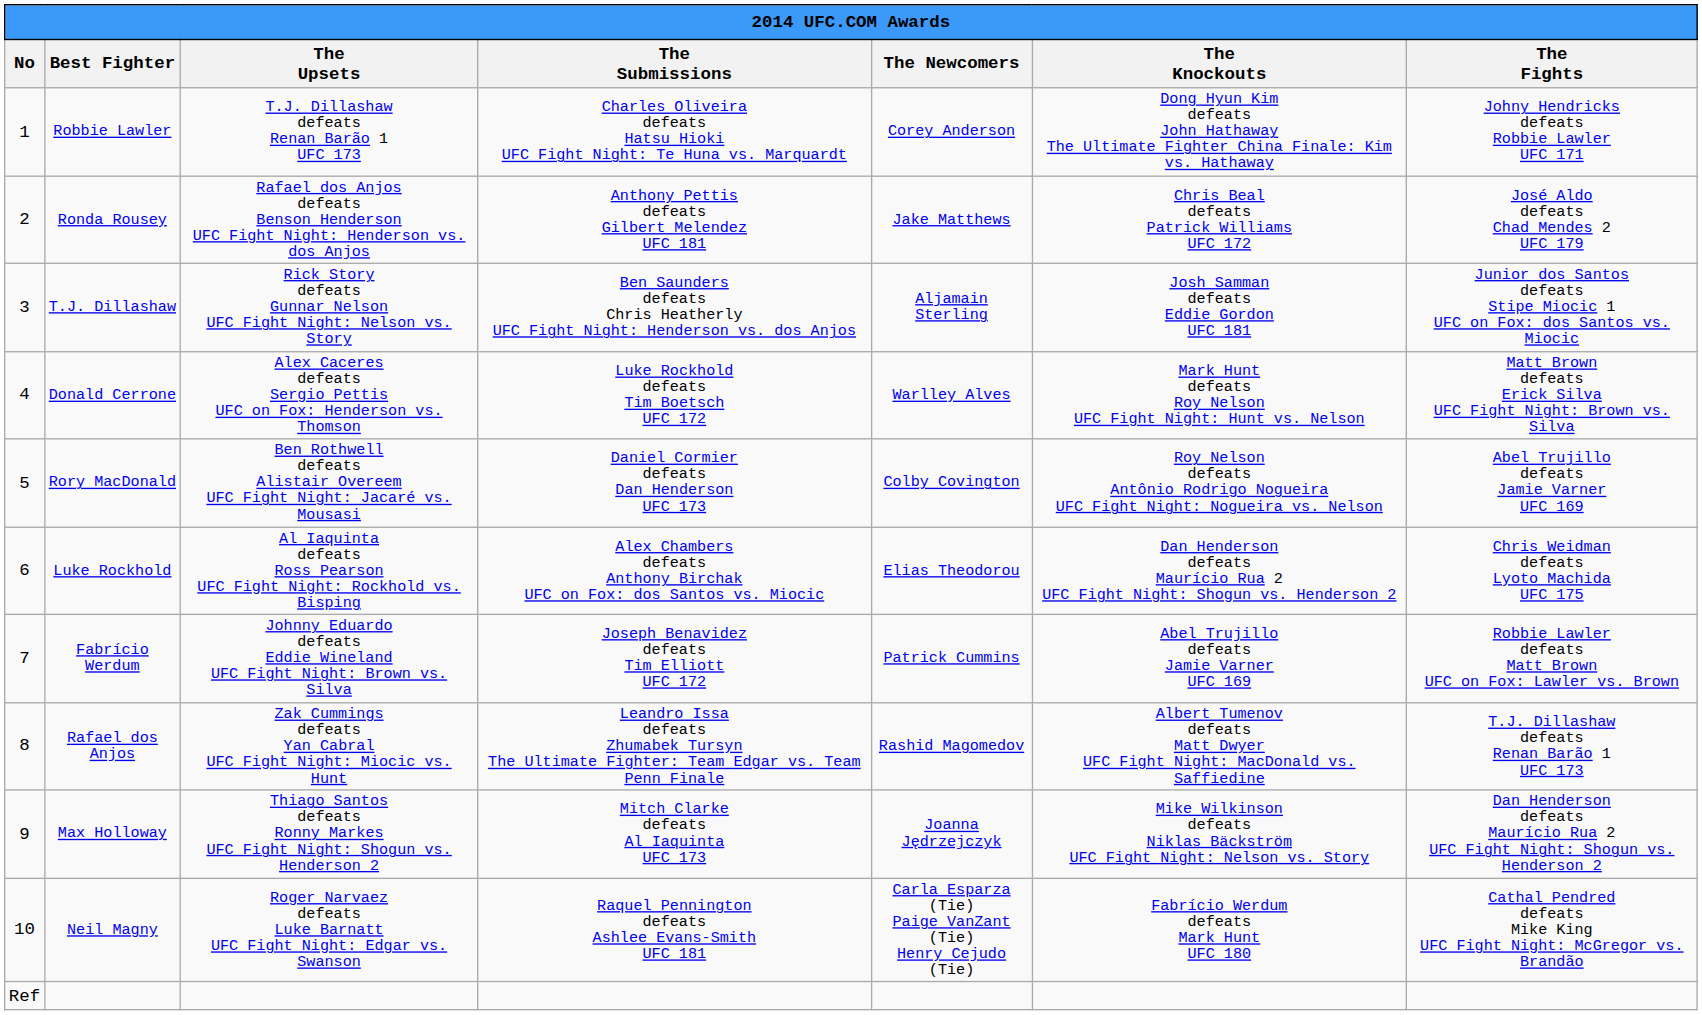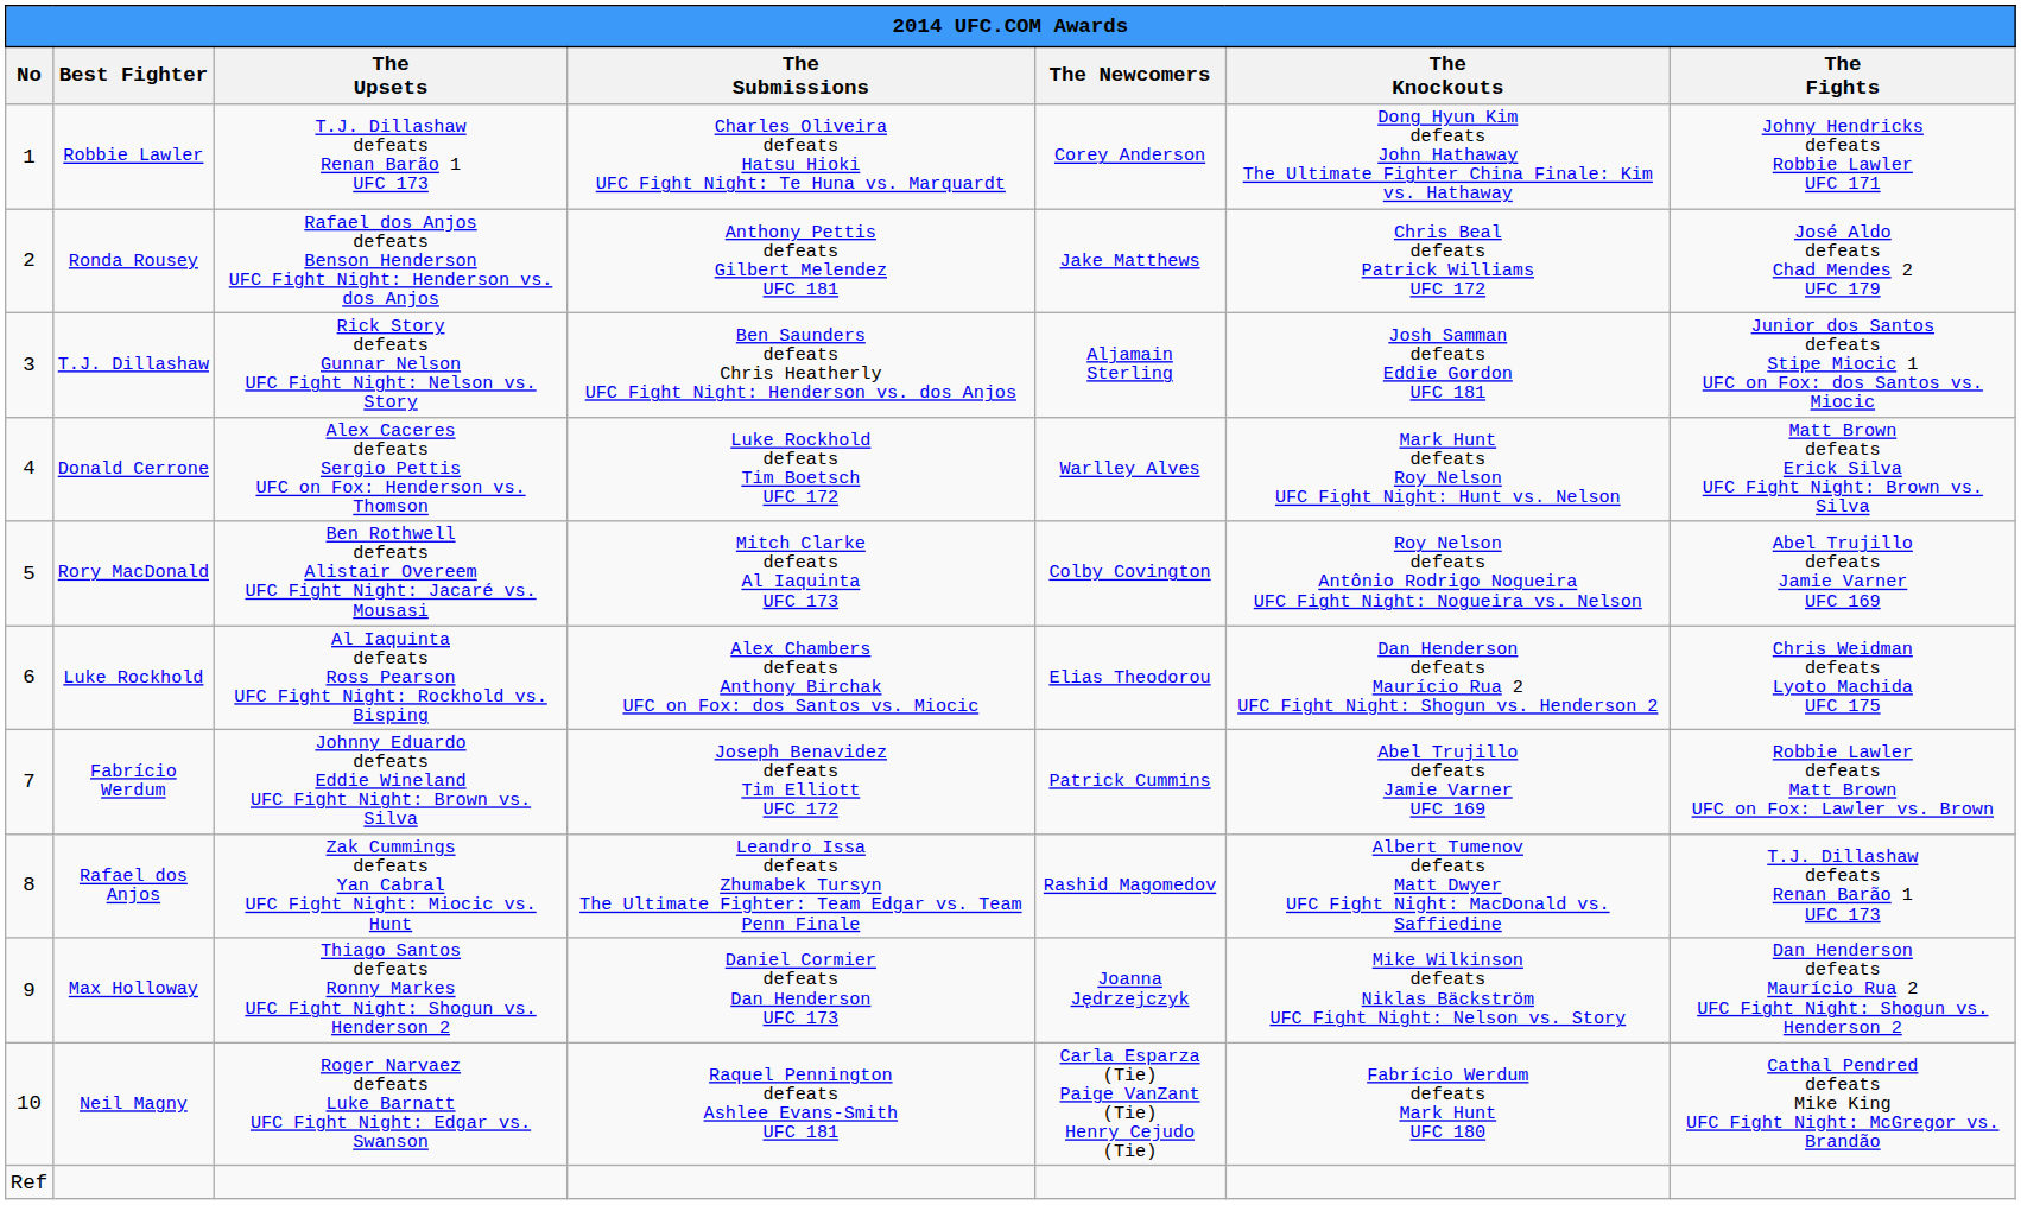 <table class="wikitable" width="100%" style="text-align:Center">
 <tr>
 <th colspan="7" style="border: 1px solid black; padding: 5px; background: #3B99FA;">2014 UFC.COM Awards</th>
 </tr>
 <tr>
 <th>No</th>
 <th>Best Fighter</th>
 <th>The<br>Upsets</th>
 <th>The<br>Submissions</th>
 <th>The Newcomers</th>
 <th>The<br>Knockouts</th>
 <th>The<br>Fights</th>
 </tr>
 <tr>
 <td>1</td>
 <td style="font-size:87%"><a href='#'>Robbie Lawler</a></td>
 <td style="font-size:87%"><a href='#'>T.J. Dillashaw</a> <br> defeats <br> <a href='#'>Renan Barão</a> 1 <br> <a href='#'>UFC 173</a></td>
 <td style="font-size:87%"><a href='#'>Charles Oliveira</a> <br> defeats <br> <a href='#'>Hatsu Hioki</a> <br> <a href='#'>UFC Fight Night: Te Huna vs. Marquardt</a></td>
 <td style="font-size:87%"><a href='#'>Corey Anderson</a></td>
 <td style="font-size:87%"><a href='#'>Dong Hyun Kim</a> <br> defeats <br> <a href='#'>John Hathaway</a> <br> <a href='#'>The Ultimate Fighter China Finale: Kim vs. Hathaway</a></td>
 <td style="font-size:87%"><a href='#'>Johny Hendricks</a> <br> defeats <br> <a href='#'>Robbie Lawler</a> <br> <a href='#'>UFC 171</a></td>
 </tr>
 <tr>
 <td>2</td>
 <td style="font-size:87%"><a href='#'>Ronda Rousey</a></td>
 <td style="font-size:87%"><a href='#'>Rafael dos Anjos</a> <br> defeats <br> <a href='#'>Benson Henderson</a> <br> <a href='#'>UFC Fight Night: Henderson vs. dos Anjos</a></td>
 <td style="font-size:87%"><a href='#'>Anthony Pettis</a> <br> defeats  <br> <a href='#'>Gilbert Melendez</a> <br> <a href='#'>UFC 181</a></td>
 <td style="font-size:87%"><a href='#'>Jake Matthews</a></td>
 <td style="font-size:87%"><a href='#'>Chris Beal</a> <br> defeats <br> <a href='#'>Patrick Williams</a> <br> <a href='#'>UFC 172</a></td>
 <td style="font-size:87%"><a href='#'>José Aldo</a> <br> defeats <br> <a href='#'>Chad Mendes</a> 2 <br> <a href='#'>UFC 179</a></td>
 </tr>
 <tr>
 <td>3</td>
 <td style="font-size:87%"><a href='#'>T.J. Dillashaw</a></td>
 <td style="font-size:87%"><a href='#'>Rick Story</a> <br> defeats  <br> <a href='#'>Gunnar Nelson</a> <br> <a href='#'>UFC Fight Night: Nelson vs. Story</a></td>
 <td style="font-size:87%"><a href='#'>Ben Saunders</a> <br> defeats  <br> Chris Heatherly <br> <a href='#'>UFC Fight Night: Henderson vs. dos Anjos</a></td>
 <td style="font-size:87%"><a href='#'>Aljamain Sterling</a></td>
 <td style="font-size:87%"><a href='#'>Josh Samman</a> <br> defeats <br> <a href='#'>Eddie Gordon</a> <br> <a href='#'>UFC 181</a></td>
 <td style="font-size:87%"><a href='#'>Junior dos Santos</a> <br> defeats <br> <a href='#'>Stipe Miocic</a> 1<br> <a href='#'>UFC on Fox: dos Santos vs. Miocic</a></td>
 </tr>
 <tr>
 <td>4</td>
 <td style="font-size:87%"><a href='#'>Donald Cerrone</a></td>
 <td style="font-size:87%"><a href='#'>Alex Caceres</a> <br> defeats <br> <a href='#'>Sergio Pettis</a> <br> <a href='#'>UFC on Fox: Henderson vs. Thomson</a></td>
 <td style="font-size:87%"><a href='#'>Luke Rockhold</a> <br> defeats <br> <a href='#'>Tim Boetsch</a> <br> <a href='#'>UFC 172</a></td>
 <td style="font-size:87%"><a href='#'>Warlley Alves</a></td>
 <td style="font-size:87%"><a href='#'>Mark Hunt</a> <br> defeats <br> <a href='#'>Roy Nelson</a> <br> <a href='#'>UFC Fight Night: Hunt vs. Nelson</a></td>
 <td style="font-size:87%"><a href='#'>Matt Brown</a> <br> defeats <br> <a href='#'>Erick Silva</a> <br> <a href='#'>UFC Fight Night: Brown vs. Silva</a></td>
 </tr>
 <tr>
 <td>5</td>
 <td style="font-size:87%"><a href='#'>Rory MacDonald</a></td>
 <td style="font-size:87%"><a href='#'>Ben Rothwell</a> <br> defeats <br> <a href='#'>Alistair Overeem</a> <br> <a href='#'>UFC Fight Night: Jacaré vs. Mousasi</a></td>
-<td style="font-size:87%"><a href='#'>Daniel Cormier</a> <br> defeats <br> <a href='#'>Dan Henderson</a> <br> <a href='#'>UFC 173</a></td>
+<td style="font-size:87%"><a href='#'>Mitch Clarke</a> <br> defeats <br> <a href='#'>Al Iaquinta</a> <br> <a href='#'>UFC 173</a></td>
 <td style="font-size:87%"><a href='#'>Colby Covington</a></td>
 <td style="font-size:87%"><a href='#'>Roy Nelson</a> <br> defeats <br> <a href='#'>Antônio Rodrigo Nogueira</a> <br> <a href='#'>UFC Fight Night: Nogueira vs. Nelson</a></td>
 <td style="font-size:87%"><a href='#'>Abel Trujillo</a> <br> defeats <br> <a href='#'>Jamie Varner</a> <br> <a href='#'>UFC 169</a></td>
 </tr>
 <tr>
 <td>6</td>
 <td style="font-size:87%"><a href='#'>Luke Rockhold</a></td>
 <td style="font-size:87%"><a href='#'>Al Iaquinta</a> <br> defeats <br> <a href='#'>Ross Pearson</a> <br> <a href='#'>UFC Fight Night: Rockhold vs. Bisping</a></td>
 <td style="font-size:87%"><a href='#'>Alex Chambers</a> <br> defeats <br> <a href='#'>Anthony Birchak</a> <br> <a href='#'>UFC on Fox: dos Santos vs. Miocic</a></td>
 <td style="font-size:87%"><a href='#'>Elias Theodorou</a></td>
 <td style="font-size:87%"><a href='#'>Dan Henderson</a> <br> defeats <br> <a href='#'>Maurício Rua</a> 2 <br> <a href='#'>UFC Fight Night: Shogun vs. Henderson 2</a></td>
 <td style="font-size:87%"><a href='#'>Chris Weidman</a> <br> defeats <br> <a href='#'>Lyoto Machida</a> <br> <a href='#'>UFC 175</a></td>
 </tr>
 <tr>
 <td>7</td>
 <td style="font-size:87%"><a href='#'>Fabrício Werdum</a></td>
 <td style="font-size:87%"><a href='#'>Johnny Eduardo</a> <br> defeats <br> <a href='#'>Eddie Wineland</a> <br> <a href='#'>UFC Fight Night: Brown vs. Silva</a></td>
 <td style="font-size:87%"><a href='#'>Joseph Benavidez</a> <br> defeats <br> <a href='#'>Tim Elliott</a> <br> <a href='#'>UFC 172</a></td>
 <td style="font-size:87%"><a href='#'>Patrick Cummins</a></td>
 <td style="font-size:87%"><a href='#'>Abel Trujillo</a><br> defeats <br> <a href='#'>Jamie Varner</a> <br> <a href='#'>UFC 169</a></td>
 <td style="font-size:87%"><a href='#'>Robbie Lawler</a> <br> defeats <br> <a href='#'>Matt Brown</a> <br> <a href='#'>UFC on Fox: Lawler vs. Brown</a></td>
 </tr>
 <tr>
 <td>8</td>
 <td style="font-size:87%"><a href='#'>Rafael dos Anjos</a></td>
 <td style="font-size:87%"><a href='#'>Zak Cummings</a> <br> defeats <br> <a href='#'>Yan Cabral</a> <br> <a href='#'>UFC Fight Night: Miocic vs. Hunt</a></td>
 <td style="font-size:87%"><a href='#'>Leandro Issa</a> <br> defeats <br> <a href='#'>Zhumabek Tursyn</a> <br> <a href='#'>The Ultimate Fighter: Team Edgar vs. Team Penn Finale</a></td>
 <td style="font-size:87%"><a href='#'>Rashid Magomedov</a></td>
 <td style="font-size:87%"><a href='#'>Albert Tumenov</a> <br> defeats <br> <a href='#'>Matt Dwyer</a><br> <a href='#'>UFC Fight Night: MacDonald vs. Saffiedine</a></td>
 <td style="font-size:87%"><a href='#'>T.J. Dillashaw</a> <br> defeats <br> <a href='#'>Renan Barão</a> 1 <br> <a href='#'>UFC 173</a></td>
 </tr>
 <tr>
 <td>9</td>
 <td style="font-size:87%"><a href='#'>Max Holloway</a></td>
 <td style="font-size:87%"><a href='#'>Thiago Santos</a> <br> defeats <br>  <a href='#'>Ronny Markes</a> <br> <a href='#'>UFC Fight Night: Shogun vs. Henderson 2</a></td>
-<td style="font-size:87%"><a href='#'>Mitch Clarke</a> <br> defeats <br> <a href='#'>Al Iaquinta</a> <br> <a href='#'>UFC 173</a></td>
+<td style="font-size:87%"><a href='#'>Daniel Cormier</a> <br> defeats <br> <a href='#'>Dan Henderson</a> <br> <a href='#'>UFC 173</a></td>
 <td style="font-size:87%"><a href='#'>Joanna Jędrzejczyk</a></td>
 <td style="font-size:87%"><a href='#'>Mike Wilkinson</a> <br> defeats <br> <a href='#'>Niklas Bäckström</a> <br> <a href='#'>UFC Fight Night: Nelson vs. Story</a></td>
 <td style="font-size:87%"><a href='#'>Dan Henderson</a> <br> defeats <br> <a href='#'>Maurício Rua</a> 2 <br> <a href='#'>UFC Fight Night: Shogun vs. Henderson 2</a></td>
 </tr>
 <tr>
 <td>10</td>
 <td style="font-size:87%"><a href='#'>Neil Magny</a></td>
 <td style="font-size:87%"><a href='#'>Roger Narvaez</a> <br> defeats <br> <a href='#'>Luke Barnatt</a> <br> <a href='#'>UFC Fight Night: Edgar vs. Swanson</a></td>
 <td style="font-size:87%"><a href='#'>Raquel Pennington</a> <br> defeats <br> <a href='#'>Ashlee Evans-Smith</a> <br> <a href='#'>UFC 181</a></td>
 <td style="font-size:87%"><a href='#'>Carla Esparza</a> (Tie) <br> <a href='#'>Paige VanZant</a> (Tie) <br> <a href='#'>Henry Cejudo</a> (Tie)</td>
 <td style="font-size:87%"><a href='#'>Fabrício Werdum</a> <br> defeats <br> <a href='#'>Mark Hunt</a> <br> <a href='#'>UFC 180</a></td>
 <td style="font-size:87%"><a href='#'>Cathal Pendred</a> <br> defeats <br> Mike King <br> <a href='#'>UFC Fight Night: McGregor vs. Brandão</a></td>
 </tr>
 <tr>
 <td>Ref</td>
 <td></td>
 <td></td>
 <td></td>
 <td></td>
 <td></td>
 <td></td>
 </tr>
 </table>
